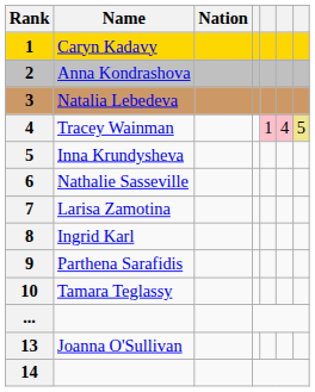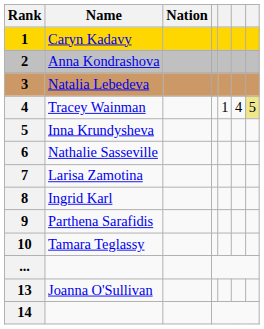 <table class="wikitable">
 <tr>
 <th>Rank</th>
 <th>Name</th>
 <th>Nation</th>
 <th></th>
 <th></th>
 <th></th>
 <th></th>
 </tr>
 <tr bgcolor="gold">
 <td align="center"><strong>1</strong></td>
 <td><a href='#'>Caryn Kadavy</a></td>
 <td></td>
 <td></td>
 <td></td>
 <td></td>
 <td></td>
 </tr>
 <tr bgcolor="silver">
 <td align="center"><strong>2</strong></td>
 <td><a href='#'>Anna Kondrashova</a></td>
 <td></td>
 <td></td>
 <td></td>
 <td></td>
 <td></td>
 </tr>
 <tr bgcolor="cc9966">
 <td align="center"><strong>3</strong></td>
 <td><a href='#'>Natalia Lebedeva</a></td>
 <td></td>
 <td></td>
 <td></td>
 <td></td>
 <td></td>
 </tr>
 <tr>
 <th>4</th>
 <td><a href='#'>Tracey Wainman</a></td>
 <td></td>
 <td></td>
-<td style="background: pink;">1</td>
-<td style="background: pink;">4</td>
+<td>1</td>
+<td>4</td>
 <td style="background: khaki;">5</td>
 </tr>
 <tr>
 <th>5</th>
 <td><a href='#'>Inna Krundysheva</a></td>
 <td></td>
 <td></td>
 <td></td>
 <td></td>
 <td></td>
 </tr>
 <tr>
 <th>6</th>
 <td><a href='#'>Nathalie Sasseville</a></td>
 <td></td>
 <td></td>
 <td></td>
 <td></td>
 <td></td>
 </tr>
 <tr>
 <th>7</th>
 <td><a href='#'>Larisa Zamotina</a></td>
 <td></td>
 <td></td>
 <td></td>
 <td></td>
 <td></td>
 </tr>
 <tr>
 <th>8</th>
 <td><a href='#'>Ingrid Karl</a></td>
 <td></td>
 <td></td>
 <td></td>
 <td></td>
 <td></td>
 </tr>
 <tr>
 <th>9</th>
 <td><a href='#'>Parthena Sarafidis</a></td>
 <td></td>
 <td></td>
 <td></td>
 <td></td>
 <td></td>
 </tr>
 <tr>
 <th>10</th>
 <td><a href='#'>Tamara Teglassy</a></td>
 <td></td>
 <td></td>
 <td></td>
 <td></td>
 <td></td>
 </tr>
 <tr>
 <th>...</th>
 <td></td>
 <td></td>
 </tr>
 <tr>
 <th>13</th>
 <td><a href='#'>Joanna O'Sullivan</a></td>
 <td></td>
 <td></td>
 <td></td>
 <td></td>
 <td></td>
 </tr>
 <tr>
 <th>14</th>
 <td></td>
 <td></td>
 </tr>
 </table>
